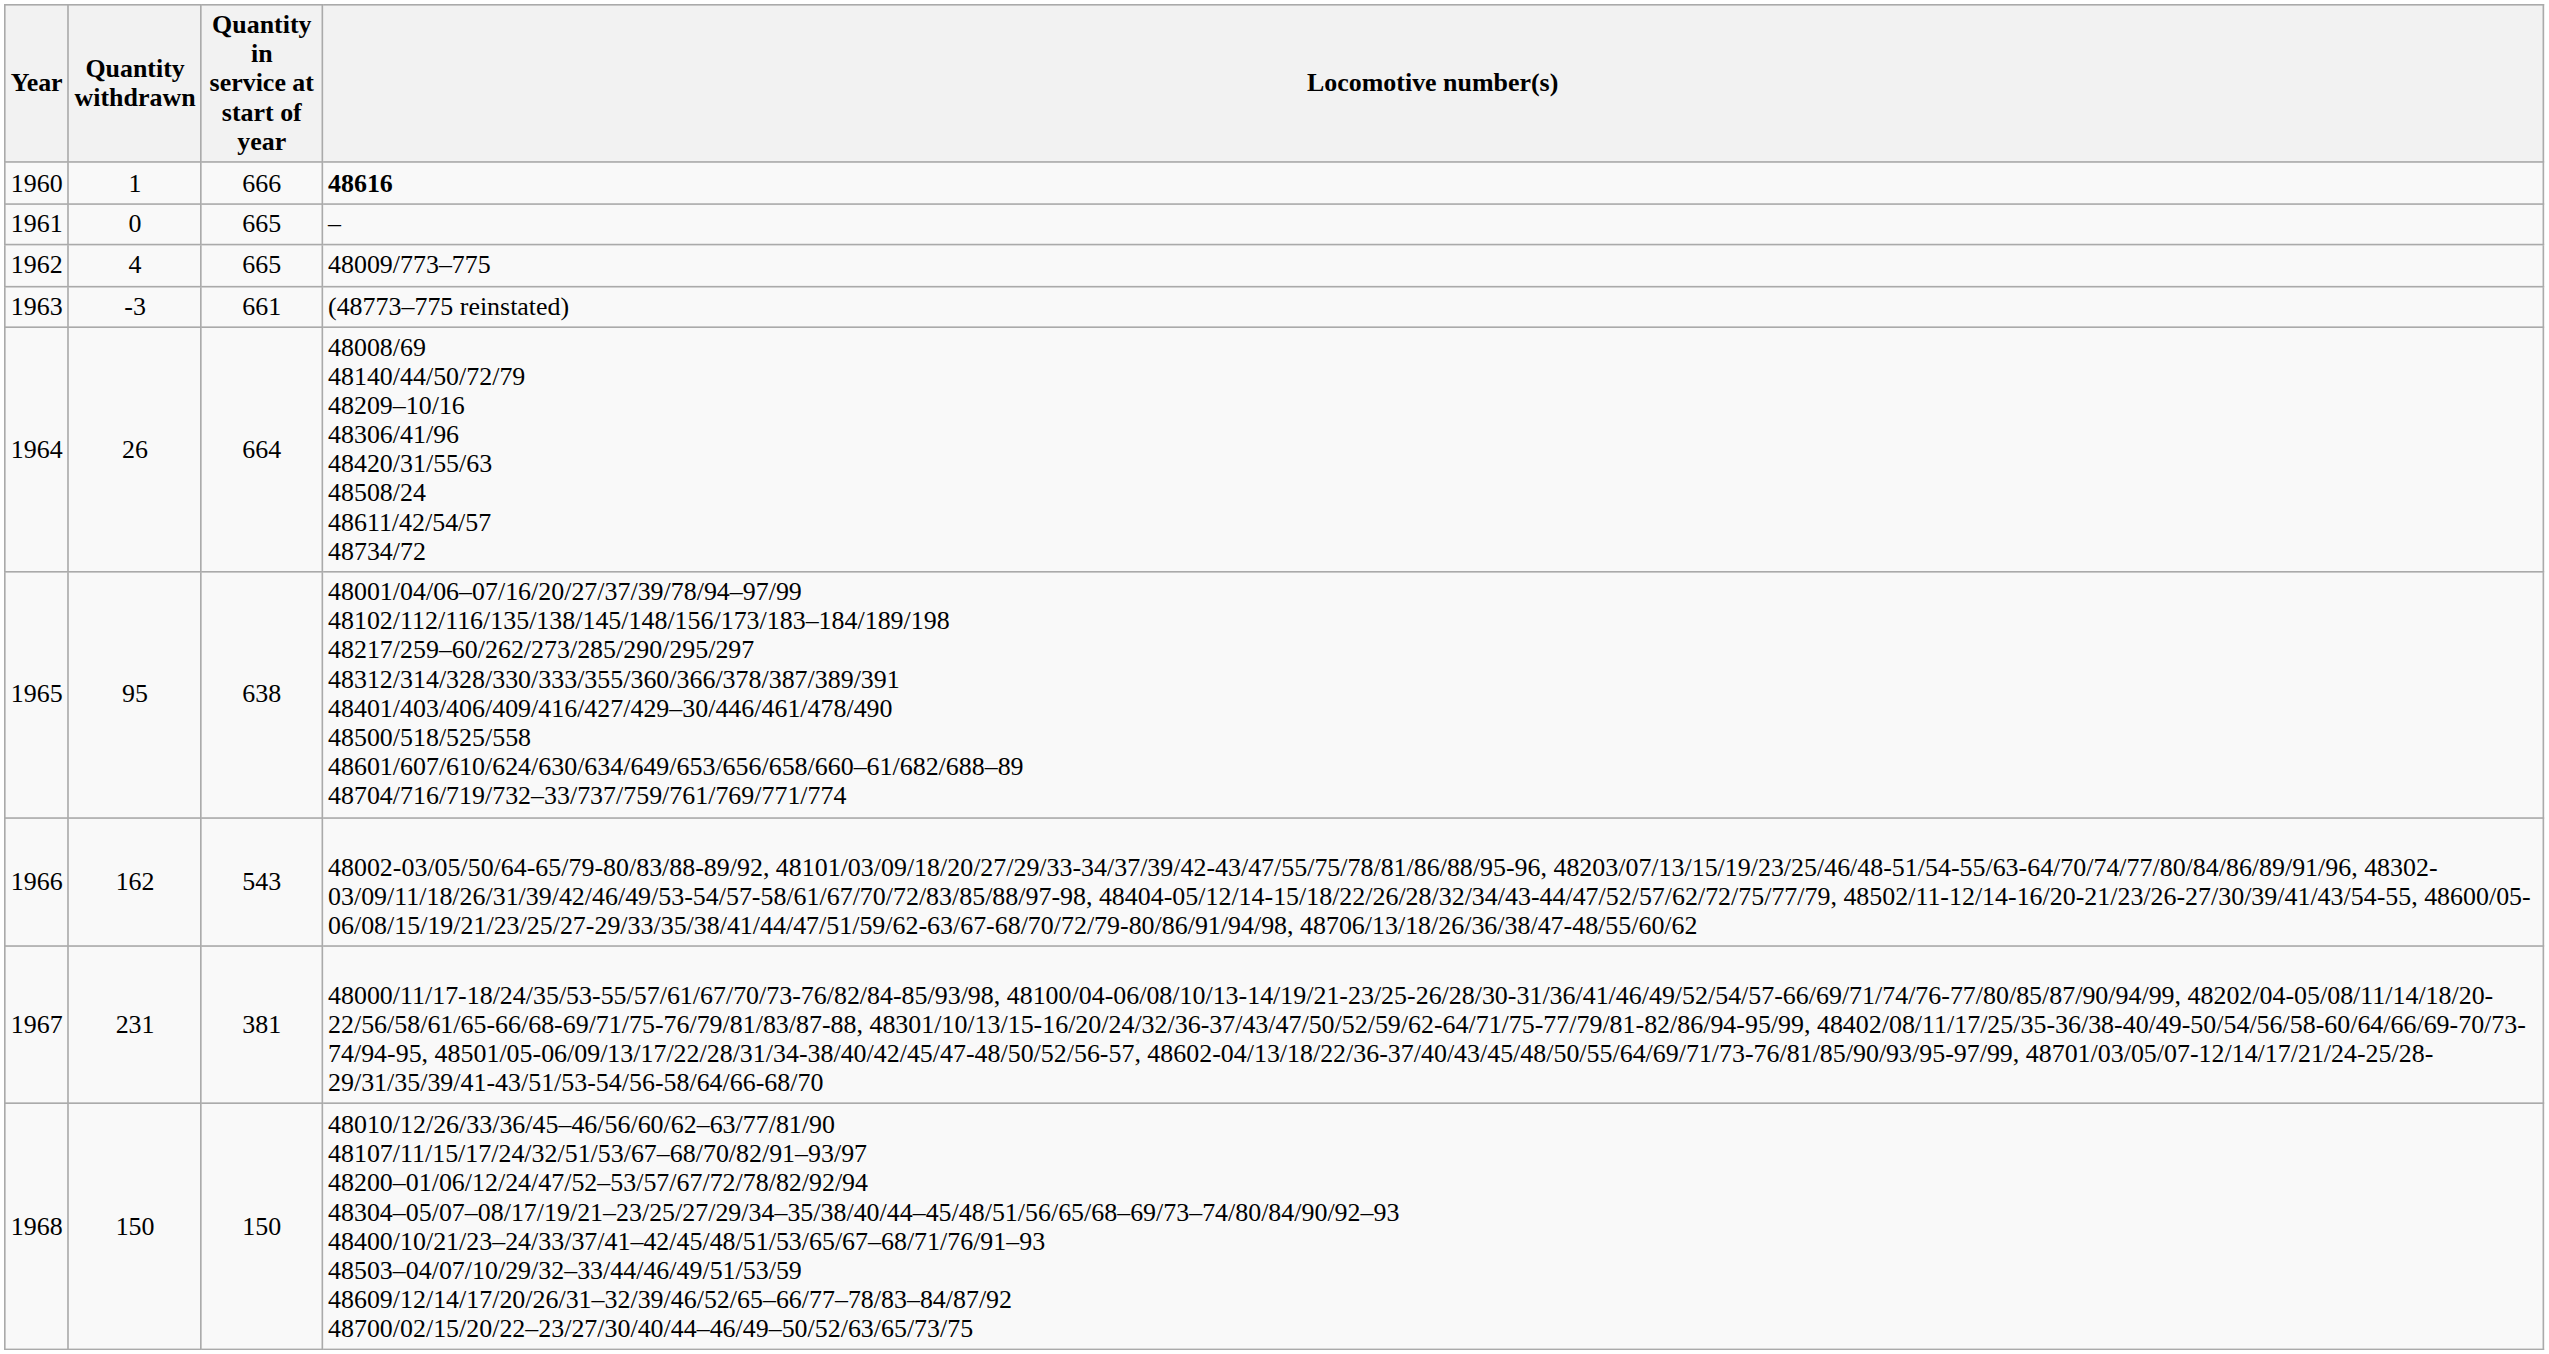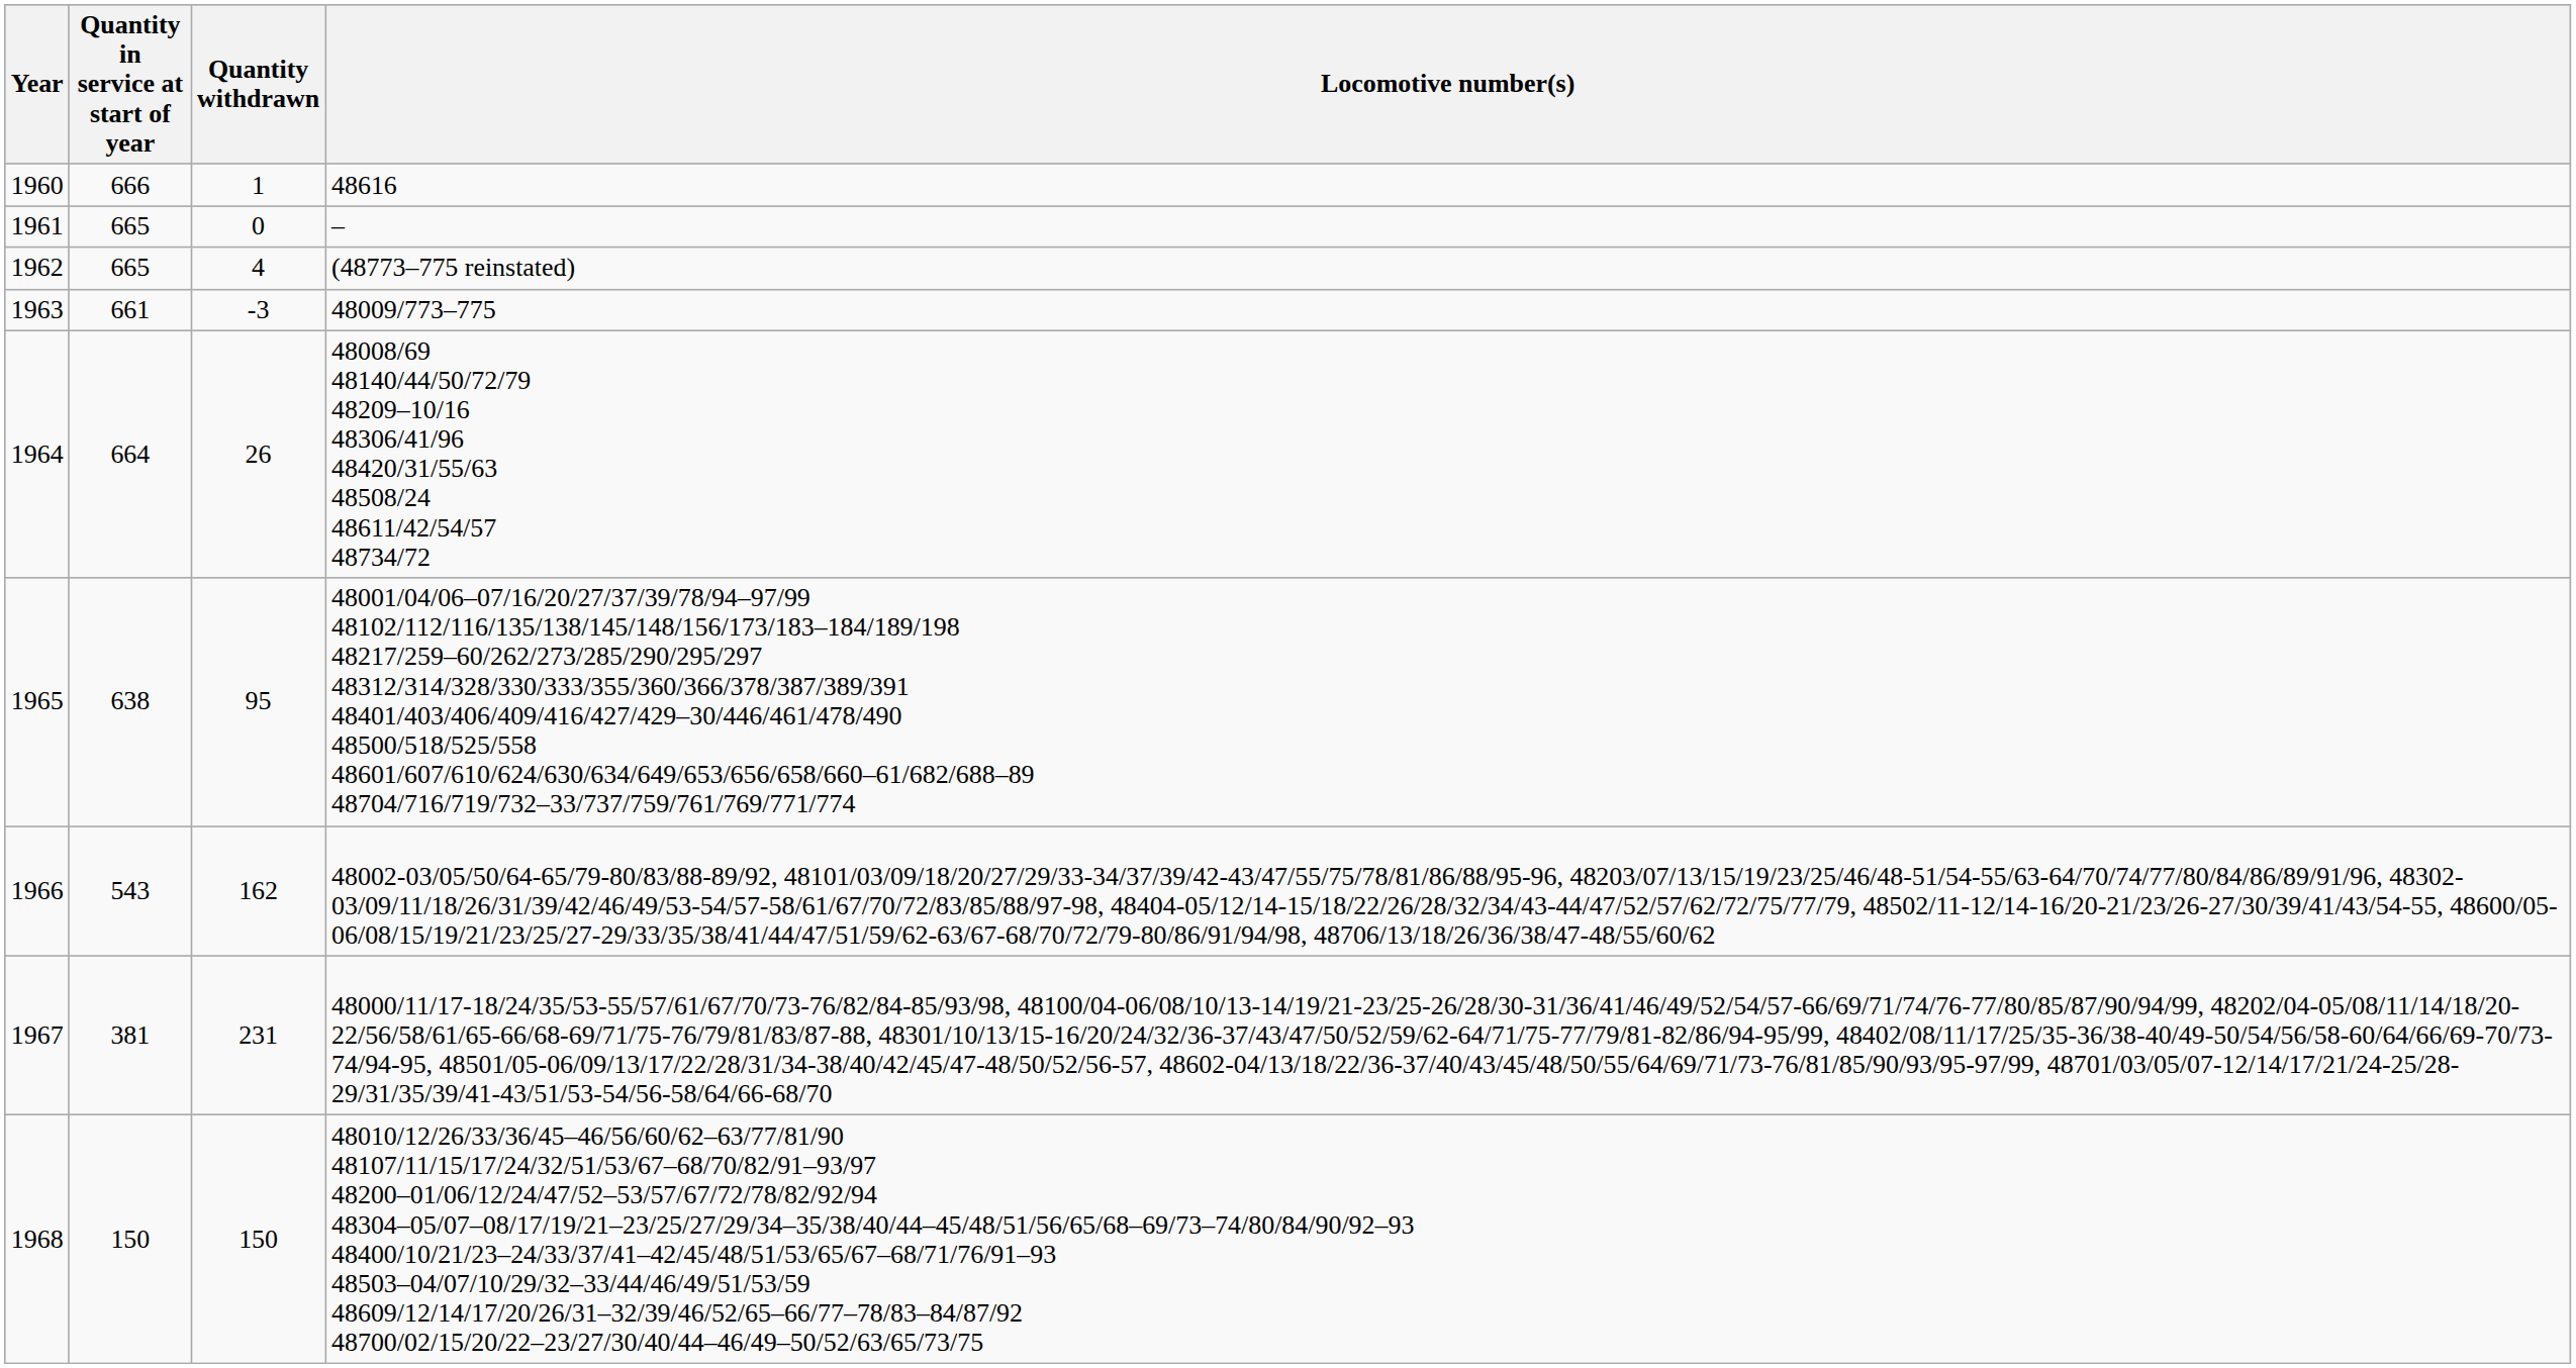 <table class=wikitable style=text-align:center>
 <tr>
 <th>Year</th>
+<th>Quantity in<br>service at<br>start of year</th>
 <th>Quantity<br>withdrawn</th>
-<th>Quantity in<br>service at<br>start of year</th>
 <th>Locomotive number(s)</th>
 </tr>
 <tr>
 <td>1960</td>
+<td>666</td>
 <td>1</td>
-<td>666</td>
-<td align=left><strong>48616</strong></td>
+<td align=left>48616</td>
 </tr>
 <tr>
 <td>1961</td>
+<td>665</td>
 <td>0</td>
-<td>665</td>
 <td align=left>–</td>
 </tr>
 <tr>
 <td>1962</td>
+<td>665</td>
 <td>4</td>
-<td>665</td>
+<td align=left>(48773–775 reinstated)</td>
+</tr>
+<tr>
+<td>1963</td>
+<td>661</td>
+<td>-3</td>
 <td align=left>48009/773–775</td>
 </tr>
 <tr>
-<td>1963</td>
-<td>-3</td>
-<td>661</td>
-<td align=left>(48773–775 reinstated)</td>
-</tr>
-<tr>
 <td>1964</td>
+<td>664</td>
 <td>26</td>
-<td>664</td>
 <td align=left>48008/69<br>48140/44/50/72/79<br>48209–10/16<br>48306/41/96<br>48420/31/55/63<br>48508/24<br>48611/42/54/57<br>48734/72</td>
 </tr>
 <tr>
 <td>1965</td>
+<td>638</td>
 <td>95</td>
-<td>638</td>
 <td align=left>48001/04/06–07/16/20/27/37/39/78/94–97/99<br>48102/112/116/135/138/145/148/156/173/183–184/189/198<br>48217/259–60/262/273/285/290/295/297<br>48312/314/328/330/333/355/360/366/378/387/389/391<br>48401/403/406/409/416/427/429–30/446/461/478/490<br>48500/518/525/558<br>48601/607/610/624/630/634/649/653/656/658/660–61/682/688–89<br>48704/716/719/732–33/737/759/761/769/771/774</td>
 </tr>
 <tr>
 <td>1966</td>
+<td>543</td>
 <td>162</td>
-<td>543</td>
 <td align=left><br>48002-03/05/50/64-65/79-80/83/88-89/92, 48101/03/09/18/20/27/29/33-34/37/39/42-43/47/55/75/78/81/86/88/95-96, 48203/07/13/15/19/23/25/46/48-51/54-55/63-64/70/74/77/80/84/86/89/91/96, 48302-03/09/11/18/26/31/39/42/46/49/53-54/57-58/61/67/70/72/83/85/88/97-98, 48404-05/12/14-15/18/22/26/28/32/34/43-44/47/52/57/62/72/75/77/79, 48502/11-12/14-16/20-21/23/26-27/30/39/41/43/54-55, 48600/05-06/08/15/19/21/23/25/27-29/33/35/38/41/44/47/51/59/62-63/67-68/70/72/79-80/86/91/94/98, 48706/13/18/26/36/38/47-48/55/60/62</td>
 </tr>
 <tr>
 <td>1967</td>
+<td>381</td>
 <td>231</td>
-<td>381</td>
 <td align=left><br>48000/11/17-18/24/35/53-55/57/61/67/70/73-76/82/84-85/93/98, 48100/04-06/08/10/13-14/19/21-23/25-26/28/30-31/36/41/46/49/52/54/57-66/69/71/74/76-77/80/85/87/90/94/99, 48202/04-05/08/11/14/18/20-22/56/58/61/65-66/68-69/71/75-76/79/81/83/87-88, 48301/10/13/15-16/20/24/32/36-37/43/47/50/52/59/62-64/71/75-77/79/81-82/86/94-95/99, 48402/08/11/17/25/35-36/38-40/49-50/54/56/58-60/64/66/69-70/73-74/94-95, 48501/05-06/09/13/17/22/28/31/34-38/40/42/45/47-48/50/52/56-57, 48602-04/13/18/22/36-37/40/43/45/48/50/55/64/69/71/73-76/81/85/90/93/95-97/99, 48701/03/05/07-12/14/17/21/24-25/28-29/31/35/39/41-43/51/53-54/56-58/64/66-68/70</td>
 </tr>
 <tr>
 <td>1968</td>
 <td>150</td>
 <td>150</td>
 <td align=left>48010/12/26/33/36/45–46/56/60/62–63/77/81/90<br>48107/11/15/17/24/32/51/53/67–68/70/82/91–93/97<br>48200–01/06/12/24/47/52–53/57/67/72/78/82/92/94<br>48304–05/07–08/17/19/21–23/25/27/29/34–35/38/40/44–45/48/51/56/65/68–69/73–74/80/84/90/92–93<br>48400/10/21/23–24/33/37/41–42/45/48/51/53/65/67–68/71/76/91–93<br>48503–04/07/10/29/32–33/44/46/49/51/53/59<br>48609/12/14/17/20/26/31–32/39/46/52/65–66/77–78/83–84/87/92<br>48700/02/15/20/22–23/27/30/40/44–46/49–50/52/63/65/73/75</td>
 </tr>
 </table>
